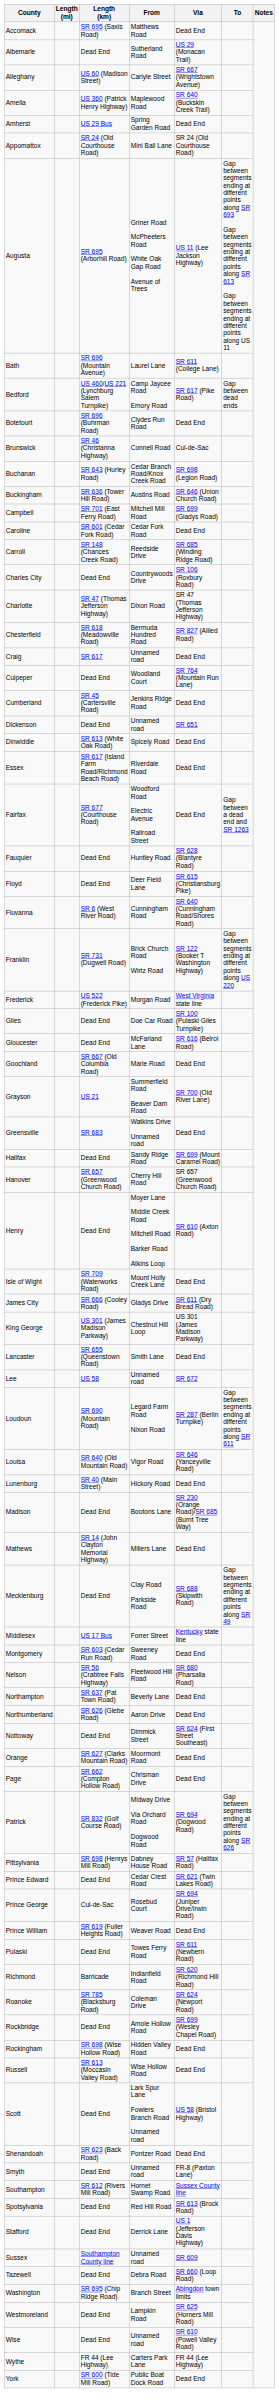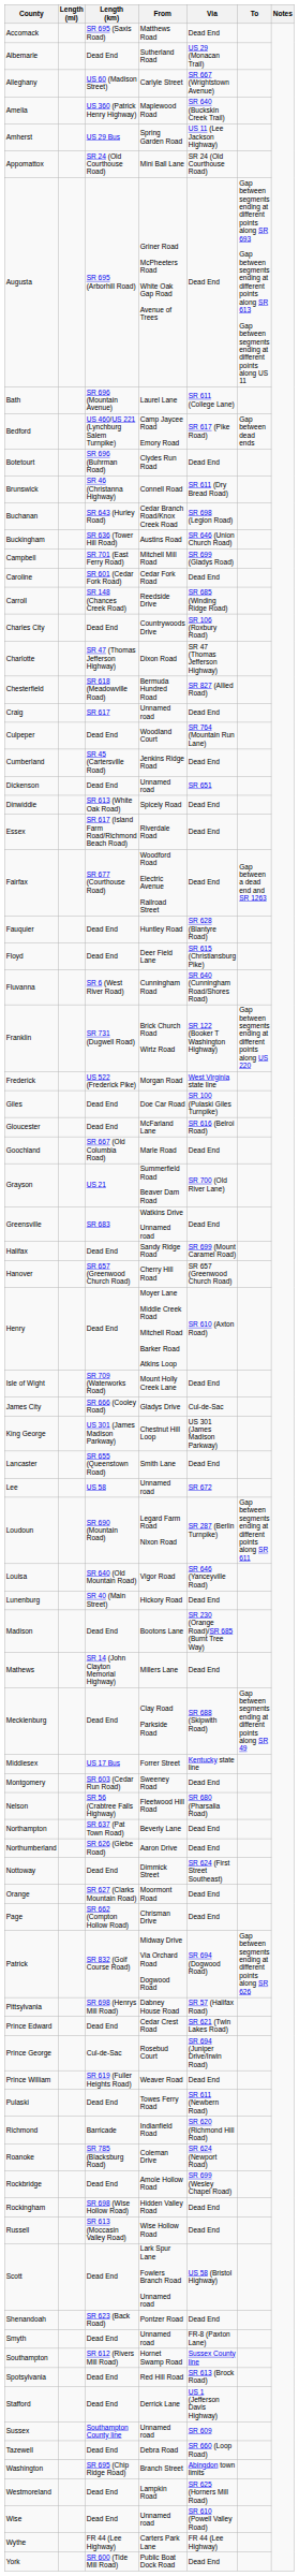 <table class="wikitable sortable">
 <tr>
 <th>County</th>
 <th>Length<br>(mi)</th>
 <th>Length<br>(km)</th>
 <th class="unsortable">From</th>
 <th class="unsortable">Via</th>
 <th class="unsortable">To</th>
 <th class="unsortable">Notes</th>
 </tr>
 <tr>
 <td id="Accomack">Accomack</td>
 <td></td>
 <td><a href='#'>SR 695</a> (Saxis Road)</td>
 <td>Matthews Road</td>
 <td>Dead End</td>
 <td></td>
 </tr>
 <tr>
 <td id="Albemarle">Albemarle</td>
 <td></td>
 <td>Dead End</td>
 <td>Sutherland Road</td>
 <td><a href='#'>US 29</a> (Monacan Trail)</td>
 <td></td>
 </tr>
 <tr>
 <td id="Alleghany">Alleghany</td>
 <td></td>
 <td><a href='#'>US 60</a> (Madison Street)</td>
 <td>Carlyle Street</td>
 <td><a href='#'>SR 667</a> (Wrightstown Avenue)</td>
 <td></td>
 </tr>
 <tr>
 <td id="Amelia">Amelia</td>
 <td></td>
 <td><a href='#'>US 360</a> (Patrick Henry Highway)</td>
 <td>Maplewood Road</td>
 <td><a href='#'>SR 640</a> (Buckskin Creek Trail)</td>
 <td></td>
 </tr>
 <tr>
 <td id="Amherst">Amherst</td>
 <td></td>
 <td><a href='#'>US 29 Bus</a></td>
 <td>Spring Garden Road</td>
-<td>Dead End</td>
+<td><a href='#'>US 11</a> (Lee Jackson Highway)</td>
 <td></td>
 </tr>
 <tr>
 <td id="Appomattox">Appomattox</td>
 <td></td>
 <td><a href='#'>SR 24</a> (Old Courthouse Road)</td>
 <td>Mini Ball Lane</td>
 <td>SR 24 (Old Courthouse Road)</td>
 <td><br></td>
 </tr>
 <tr>
 <td id="Augusta">Augusta</td>
 <td></td>
 <td><a href='#'>SR 695</a> (Arborhill Road)</td>
 <td>Griner Road<br><br>McPheeters Road<br><br>White Oak Gap Road<br><br>Avenue of Trees</td>
-<td><a href='#'>US 11</a> (Lee Jackson Highway)</td>
+<td>Dead End</td>
 <td>Gap between segments ending at different points along <a href='#'>SR 693</a><br><br>Gap between segments ending at different points along <a href='#'>SR 613</a><br><br>Gap between segments ending at different points along US 11</td>
 </tr>
 <tr>
 <td id="Bath">Bath</td>
 <td></td>
 <td><a href='#'>SR 696</a> (Mountain Avenue)</td>
 <td>Laurel Lane</td>
 <td><a href='#'>SR 611</a> (College Lane)</td>
 <td></td>
 </tr>
 <tr>
 <td id="Bedford">Bedford</td>
 <td></td>
 <td><a href='#'>US 460</a>/<a href='#'>US 221</a> (Lynchburg Salem Turnpike)</td>
 <td>Camp Jaycee Road<br><br>Emory Road</td>
 <td><a href='#'>SR 617</a> (Pike Road)</td>
 <td>Gap between dead ends<br></td>
 </tr>
 <tr>
 <td id="Botetourt">Botetourt</td>
 <td></td>
 <td><a href='#'>SR 696</a> (Buhrman Road)</td>
 <td>Clydes Run Road</td>
 <td>Dead End</td>
 <td></td>
 </tr>
 <tr>
 <td id="Brunswick">Brunswick</td>
 <td></td>
 <td><a href='#'>SR 46</a> (Christanna Highway)</td>
 <td>Connell Road</td>
-<td>Cul-de-Sac</td>
+<td><a href='#'>SR 611</a> (Dry Bread Road)</td>
 <td></td>
 </tr>
 <tr>
 <td id="Buchanan">Buchanan</td>
 <td></td>
 <td><a href='#'>SR 643</a> (Hurley Road)</td>
 <td>Cedar Branch Road/Knox Creek Road</td>
 <td><a href='#'>SR 698</a> (Legion Road)</td>
 <td></td>
 </tr>
 <tr>
 <td id="Buckingham">Buckingham</td>
 <td></td>
 <td><a href='#'>SR 636</a> (Tower Hill Road)</td>
 <td>Austins Road</td>
 <td><a href='#'>SR 646</a> (Union Church Road)</td>
 <td></td>
 </tr>
 <tr>
 <td id="Campbell">Campbell</td>
 <td></td>
 <td><a href='#'>SR 701</a> (East Ferry Road)</td>
 <td>Mitchell Mill Road</td>
 <td><a href='#'>SR 699</a> (Gladys Road)</td>
 <td></td>
 </tr>
 <tr>
 <td id="Caroline">Caroline</td>
 <td></td>
 <td><a href='#'>SR 601</a> (Cedar Fork Road)</td>
 <td>Cedar Fork Road</td>
 <td>Dead End</td>
 <td></td>
 </tr>
 <tr>
 <td id="Carroll">Carroll</td>
 <td></td>
 <td><a href='#'>SR 148</a> (Chances Creek Road)</td>
 <td>Reedside Drive</td>
 <td><a href='#'>SR 685</a> (Winding Ridge Road)</td>
 <td></td>
 </tr>
 <tr>
 <td id="Charles City">Charles City</td>
 <td></td>
 <td>Dead End</td>
 <td>Countrywoods Drive</td>
 <td><a href='#'>SR 106</a> (Roxbury Road)</td>
 <td></td>
 </tr>
 <tr>
 <td id="Charlotte">Charlotte</td>
 <td></td>
 <td><a href='#'>SR 47</a> (Thomas Jefferson Highway)</td>
 <td>Dixon Road</td>
 <td>SR 47 (Thomas Jefferson Highway)</td>
 <td></td>
 </tr>
 <tr>
 <td id="Chesterfield">Chesterfield</td>
 <td></td>
 <td><a href='#'>SR 618</a> (Meadowville Road)</td>
 <td>Bermuda Hundred Road</td>
 <td><a href='#'>SR 827</a> (Allied Road)</td>
 <td><br></td>
 </tr>
 <tr>
 <td id="Craig">Craig</td>
 <td></td>
 <td><a href='#'>SR 617</a></td>
 <td>Unnamed road</td>
 <td>Dead End</td>
 <td></td>
 </tr>
 <tr>
 <td id="Culpeper">Culpeper</td>
 <td></td>
 <td>Dead End</td>
 <td>Woodland Court</td>
 <td><a href='#'>SR 764</a> (Mountain Run Lane)</td>
 <td></td>
 </tr>
 <tr>
 <td id="Cumberland">Cumberland</td>
 <td></td>
 <td><a href='#'>SR 45</a> (Cartersville Road)</td>
 <td>Jenkins Ridge Road</td>
 <td>Dead End</td>
 <td></td>
 </tr>
 <tr>
 <td id="Dickenson">Dickenson</td>
 <td></td>
 <td>Dead End</td>
 <td>Unnamed road</td>
 <td><a href='#'>SR 651</a></td>
 <td></td>
 </tr>
 <tr>
 <td id="Dinwiddie">Dinwiddie</td>
 <td></td>
 <td><a href='#'>SR 613</a> (White Oak Road)</td>
 <td>Spicely Road</td>
 <td>Dead End</td>
 <td></td>
 </tr>
 <tr>
 <td id="Essex">Essex</td>
 <td></td>
 <td><a href='#'>SR 617</a> (Island Farm Road/Richmond Beach Road)</td>
 <td>Riverdale Road</td>
 <td>Dead End</td>
 <td></td>
 </tr>
 <tr>
 <td id="Fairfax">Fairfax</td>
 <td></td>
 <td><a href='#'>SR 677</a> (Courthouse Road)</td>
 <td>Woodford Road<br><br>Electric Avenue<br><br>Railroad Street</td>
 <td>Dead End</td>
 <td>Gap between a dead end and <a href='#'>SR 1263</a></td>
 </tr>
 <tr>
 <td id="Fauquier">Fauquier</td>
 <td></td>
 <td>Dead End</td>
 <td>Huntley Road</td>
 <td><a href='#'>SR 628</a> (Blantyre Road)</td>
 <td></td>
 </tr>
 <tr>
 <td id="Floyd">Floyd</td>
 <td></td>
 <td>Dead End</td>
 <td>Deer Field Lane</td>
 <td><a href='#'>SR 615</a> (Christiansburg Pike)</td>
 <td></td>
 </tr>
 <tr>
 <td id="Fluvanna">Fluvanna</td>
 <td></td>
 <td><a href='#'>SR 6</a> (West River Road)</td>
 <td>Cunningham Road</td>
 <td><a href='#'>SR 640</a> (Cunningham Road/Shores Road)</td>
 <td></td>
 </tr>
 <tr>
 <td id="Franklin">Franklin</td>
 <td></td>
 <td><a href='#'>SR 731</a> (Dugwell Road)</td>
 <td>Brick Church Road<br><br>Wirtz Road</td>
 <td><a href='#'>SR 122</a> (Booker T Washington Highway)</td>
 <td>Gap between segments ending at different points along <a href='#'>US 220</a></td>
 </tr>
 <tr>
 <td id="Frederick">Frederick</td>
 <td></td>
 <td><a href='#'>US 522</a> (Frederick Pike)</td>
 <td>Morgan Road</td>
 <td><a href='#'>West Virginia</a> state line</td>
 <td></td>
 </tr>
 <tr>
 <td id="Giles">Giles</td>
 <td></td>
 <td>Dead End</td>
 <td>Doe Car Road</td>
 <td><a href='#'>SR 100</a> (Pulaski Giles Turnpike)</td>
 <td></td>
 </tr>
 <tr>
 <td id="Gloucester">Gloucester</td>
 <td></td>
 <td>Dead End</td>
 <td>McFarland Lane</td>
 <td><a href='#'>SR 616</a> (Belroi Road)</td>
 <td></td>
 </tr>
 <tr>
 <td id="Goochland">Goochland</td>
 <td></td>
 <td><a href='#'>SR 667</a> (Old Columbia Road)</td>
 <td>Marle Road</td>
 <td>Dead End</td>
 <td></td>
 </tr>
 <tr>
 <td id="Grayson">Grayson</td>
 <td></td>
 <td><a href='#'>US 21</a></td>
 <td>Summerfield Road<br><br>Beaver Dam Road</td>
 <td><a href='#'>SR 700</a> (Old River Lane)</td>
 <td><br></td>
 </tr>
 <tr>
 <td id="Greensville">Greensville</td>
 <td></td>
 <td><a href='#'>SR 683</a></td>
 <td>Watkins Drive<br><br>Unnamed road</td>
 <td>Dead End</td>
 <td></td>
 </tr>
 <tr>
 <td id="Halifax">Halifax</td>
 <td></td>
 <td>Dead End</td>
 <td>Sandy Ridge Road</td>
 <td><a href='#'>SR 699</a> (Mount Caramel Road)</td>
 <td></td>
 </tr>
 <tr>
 <td id="Hanover">Hanover</td>
 <td></td>
 <td><a href='#'>SR 657</a> (Greenwood Church Road)</td>
 <td>Cherry Hill Road</td>
 <td>SR 657 (Greenwood Church Road)</td>
 <td><br></td>
 </tr>
 <tr>
 <td id="Henry">Henry</td>
 <td></td>
 <td>Dead End</td>
 <td>Moyer Lane<br><br>Middle Creek Road<br><br>Mitchell Road<br><br>Barker Road<br><br>Atkins Loop</td>
 <td><a href='#'>SR 610</a> (Axton Road)</td>
 <td><br></td>
 </tr>
 <tr>
 <td id="Isle of Wight">Isle of Wight</td>
 <td></td>
 <td><a href='#'>SR 709</a> (Waterworks Road)</td>
 <td>Mount Holly Creek Lane</td>
 <td>Dead End</td>
 <td></td>
 </tr>
 <tr>
 <td id="James City">James City</td>
 <td></td>
 <td><a href='#'>SR 666</a> (Cooley Road)</td>
 <td>Gladys Drive</td>
-<td><a href='#'>SR 611</a> (Dry Bread Road)</td>
+<td>Cul-de-Sac</td>
 <td><br></td>
 </tr>
 <tr>
 <td id="King George">King George</td>
 <td></td>
 <td><a href='#'>US 301</a> (James Madison Parkway)</td>
 <td>Chestnut Hill Loop</td>
 <td>US 301 (James Madison Parkway)</td>
 <td><br></td>
 </tr>
 <tr>
 <td id="Lancaster">Lancaster</td>
 <td></td>
 <td><a href='#'>SR 655</a> (Queenstown Road)</td>
 <td>Smith Lane</td>
 <td>Dead End</td>
 <td></td>
 </tr>
 <tr>
 <td id="Lee">Lee</td>
 <td></td>
 <td><a href='#'>US 58</a></td>
 <td>Unnamed road</td>
 <td><a href='#'>SR 672</a></td>
 <td></td>
 </tr>
 <tr>
 <td id="Loudoun">Loudoun</td>
 <td></td>
 <td><a href='#'>SR 690</a> (Mountain Road)</td>
 <td>Legard Farm Road<br><br>Nixon Road</td>
 <td><a href='#'>SR 287</a> (Berlin Turnpike)</td>
 <td>Gap between segments ending at different points along <a href='#'>SR 611</a></td>
 </tr>
 <tr>
 <td id="Louisa">Louisa</td>
 <td></td>
 <td><a href='#'>SR 640</a> (Old Mountain Road)</td>
 <td>Vigor Road</td>
 <td><a href='#'>SR 646</a> (Yanceyville Road)</td>
 <td></td>
 </tr>
 <tr>
 <td id="Lunenburg">Lunenburg</td>
 <td></td>
 <td><a href='#'>SR 40</a> (Main Street)</td>
 <td>Hickory Road</td>
 <td>Dead End</td>
 <td></td>
 </tr>
 <tr>
 <td id="Madison">Madison</td>
 <td></td>
 <td>Dead End</td>
 <td>Bootons Lane</td>
 <td><a href='#'>SR 230</a> (Orange Road)/<a href='#'>SR 685</a> (Burnt Tree Way)</td>
 <td></td>
 </tr>
 <tr>
 <td id="Mathews">Mathews</td>
 <td></td>
 <td><a href='#'>SR 14</a> (John Clayton Memorial Highway)</td>
 <td>Millers Lane</td>
 <td>Dead End</td>
 <td></td>
 </tr>
 <tr>
 <td id="Mecklenburg">Mecklenburg</td>
 <td></td>
 <td>Dead End</td>
 <td>Clay Road<br><br>Parkside Road</td>
 <td><a href='#'>SR 688</a> (Skipwith Road)</td>
 <td>Gap between segments ending at different points along <a href='#'>SR 49</a></td>
 </tr>
 <tr>
 <td id="Middlesex">Middlesex</td>
 <td></td>
 <td><a href='#'>US 17 Bus</a></td>
 <td>Forrer Street</td>
 <td><a href='#'>Kentucky</a> state line</td>
 <td></td>
 </tr>
 <tr>
 <td id="Montgomery">Montgomery</td>
 <td></td>
 <td><a href='#'>SR 603</a> (Cedar Run Road)</td>
 <td>Sweeney Road</td>
 <td>Dead End</td>
 <td></td>
 </tr>
 <tr>
 <td id="Nelson">Nelson</td>
 <td></td>
 <td><a href='#'>SR 56</a> (Crabtree Falls Highway)</td>
 <td>Fleetwood Hill Road</td>
 <td><a href='#'>SR 680</a> (Pharsalia Road)</td>
 <td><br></td>
 </tr>
 <tr>
 <td id="Northampton">Northampton</td>
 <td></td>
 <td><a href='#'>SR 637</a> (Pat Town Road)</td>
 <td>Beverly Lane</td>
 <td>Dead End</td>
 <td></td>
 </tr>
 <tr>
 <td id="Northumberland">Northumberland</td>
 <td></td>
 <td><a href='#'>SR 626</a> (Glebe Road)</td>
 <td>Aaron Drive</td>
 <td>Dead End</td>
 <td></td>
 </tr>
 <tr>
 <td id="Nottoway">Nottoway</td>
 <td></td>
 <td>Dead End</td>
 <td>Dimmick Street</td>
 <td><a href='#'>SR 624</a> (First Street Southeast)</td>
 <td></td>
 </tr>
 <tr>
 <td id="Orange">Orange</td>
 <td></td>
 <td><a href='#'>SR 627</a> (Clarks Mountain Road)</td>
 <td>Moormont Road</td>
 <td>Dead End</td>
 <td></td>
 </tr>
 <tr>
 <td id="Page">Page</td>
 <td></td>
 <td><a href='#'>SR 662</a> (Compton Hollow Road)</td>
 <td>Chrisman Drive</td>
 <td>Dead End</td>
 <td></td>
 </tr>
 <tr>
 <td id="Patrick">Patrick</td>
 <td></td>
 <td><a href='#'>SR 832</a> (Golf Course Road)</td>
 <td>Midway Drive<br><br>Via Orchard Road<br><br>Dogwood Road</td>
 <td><a href='#'>SR 694</a> (Dogwood Road)</td>
 <td>Gap between segments ending at different points along <a href='#'>SR 626</a></td>
 </tr>
 <tr>
 <td id="Pittsylvania">Pittsylvania</td>
 <td></td>
 <td><a href='#'>SR 698</a> (Henrys Mill Road)</td>
 <td>Dabney House Road</td>
 <td><a href='#'>SR 57</a> (Halifax Road)</td>
 <td><br></td>
 </tr>
 <tr>
 <td id="Prince Edward">Prince Edward</td>
 <td></td>
 <td>Dead End</td>
 <td>Cedar Crest Road</td>
 <td><a href='#'>SR 621</a> (Twin Lakes Road)</td>
 <td></td>
 </tr>
 <tr>
 <td id="Prince George">Prince George</td>
 <td></td>
 <td>Cul-de-Sac</td>
 <td>Rosebud Court</td>
 <td><a href='#'>SR 694</a> (Juniper Drive/Irwin Road)</td>
 <td></td>
 </tr>
 <tr>
 <td id="Prince William">Prince William</td>
 <td></td>
 <td><a href='#'>SR 619</a> (Fuller Heights Road)</td>
 <td>Weaver Road</td>
 <td>Dead End</td>
 <td></td>
 </tr>
 <tr>
 <td id="Pulaski">Pulaski</td>
 <td></td>
 <td>Dead End</td>
 <td>Towes Ferry Road</td>
 <td><a href='#'>SR 611</a> (Newbern Road)</td>
 <td><br></td>
 </tr>
 <tr>
 <td id="Richmond">Richmond</td>
 <td></td>
 <td>Barricade</td>
 <td>Indianfield Road</td>
 <td><a href='#'>SR 620</a> (Richmond Hill Road)</td>
 <td></td>
 </tr>
 <tr>
 <td id="Roanoke">Roanoke</td>
 <td></td>
 <td><a href='#'>SR 785</a> (Blacksburg Road)</td>
 <td>Coleman Drive</td>
 <td><a href='#'>SR 624</a> (Newport Road)</td>
 <td></td>
 </tr>
 <tr>
 <td id="Rockbridge">Rockbridge</td>
 <td></td>
 <td>Dead End</td>
 <td>Amole Hollow Road</td>
 <td><a href='#'>SR 699</a> (Wesley Chapel Road)</td>
 <td></td>
 </tr>
 <tr>
 <td id="Rockingham">Rockingham</td>
 <td></td>
 <td><a href='#'>SR 698</a> (Wise Hollow Road)</td>
 <td>Hidden Valley Road</td>
 <td>Dead End</td>
 <td></td>
 </tr>
 <tr>
 <td id="Russell">Russell</td>
 <td></td>
 <td><a href='#'>SR 613</a> (Moccasin Valley Road)</td>
 <td>Wise Hollow Road</td>
 <td>Dead End</td>
 <td></td>
 </tr>
 <tr>
 <td id="Scott">Scott</td>
 <td></td>
 <td>Dead End</td>
 <td>Lark Spur Lane<br><br>Fowlers Branch Road<br><br>Unnamed road</td>
 <td><a href='#'>US 58</a> (Bristol Highway)</td>
 <td></td>
 </tr>
 <tr>
 <td id="Shenandoah">Shenandoah</td>
 <td></td>
 <td><a href='#'>SR 623</a> (Back Road)</td>
 <td>Pontzer Road</td>
 <td>Dead End</td>
 <td></td>
 </tr>
 <tr>
 <td id="Smyth">Smyth</td>
 <td></td>
 <td>Dead End</td>
 <td>Unnamed road</td>
 <td>FR-8 (Paxton Lane)</td>
 <td></td>
 </tr>
 <tr>
 <td id="Southampton">Southampton</td>
 <td></td>
 <td><a href='#'>SR 612</a> (Rivers Mill Road)</td>
 <td>Hornet Swamp Road</td>
 <td><a href='#'>Sussex County line</a></td>
 <td></td>
 </tr>
 <tr>
 <td id="Spotsylvania">Spotsylvania</td>
 <td></td>
 <td>Dead End</td>
 <td>Red Hill Road</td>
 <td><a href='#'>SR 613</a> (Brock Road)</td>
 <td></td>
 </tr>
 <tr>
 <td id="Stafford">Stafford</td>
 <td></td>
 <td>Dead End</td>
 <td>Derrick Lane</td>
 <td><a href='#'>US 1</a> (Jefferson Davis Highway)</td>
 <td><br></td>
 </tr>
 <tr>
 <td id="Sussex">Sussex</td>
 <td></td>
 <td><a href='#'>Southampton County line</a></td>
 <td>Unnamed road</td>
 <td><a href='#'>SR 609</a></td>
 <td></td>
 </tr>
 <tr>
 <td id="Tazewell">Tazewell</td>
 <td></td>
 <td>Dead End</td>
 <td>Debra Road</td>
 <td><a href='#'>SR 660</a> (Loop Road)</td>
 <td><br></td>
 </tr>
 <tr>
 <td id="Washington">Washington</td>
 <td></td>
 <td><a href='#'>SR 695</a> (Chip Ridge Road)</td>
 <td>Branch Street</td>
 <td><a href='#'>Abingdon</a> town limits</td>
 <td></td>
 </tr>
 <tr>
 <td id="Westmoreland">Westmoreland</td>
 <td></td>
 <td>Dead End</td>
 <td>Lampkin Road</td>
 <td><a href='#'>SR 625</a> (Horners Mill Road)</td>
 <td></td>
 </tr>
 <tr>
 <td id="Wise">Wise</td>
 <td></td>
 <td>Dead End</td>
 <td>Unnamed road</td>
 <td><a href='#'>SR 610</a> (Powell Valley Road)</td>
 <td></td>
 </tr>
 <tr>
 <td id="Wythe">Wythe</td>
 <td></td>
 <td>FR 44 (Lee Highway)</td>
 <td>Carters Park Lane</td>
 <td>FR 44 (Lee Highway)</td>
 <td></td>
 </tr>
 <tr>
 <td id="York">York</td>
 <td></td>
 <td><a href='#'>SR 600</a> (Tide Mill Road)</td>
 <td>Public Boat Dock Road</td>
 <td>Dead End</td>
 <td></td>
 </tr>
 </table>
